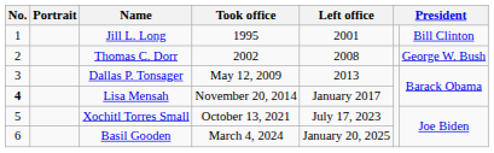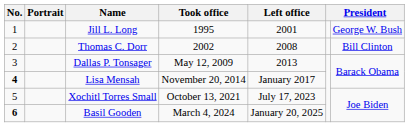 <table class="wikitable" style="clear: right; text-align:center">
 <tr>
 <th>No.</th>
 <th>Portrait</th>
 <th>Name</th>
 <th>Took office</th>
 <th>Left office</th>
 <th colspan=2><a href='#'>President</a><br></th>
 </tr>
 <tr>
 <td>1</td>
 <td></td>
 <td><a href='#'>Jill L. Long</a></td>
 <td>1995</td>
 <td>2001</td>
 <td style="background:"></td>
-<td><a href='#'>Bill Clinton</a></td>
+<td><a href='#'>George W. Bush</a></td>
 </tr>
 <tr>
 <td>2</td>
 <td></td>
 <td><a href='#'>Thomas C. Dorr</a></td>
 <td>2002</td>
 <td>2008</td>
 <td style="background:"></td>
-<td><a href='#'>George W. Bush</a></td>
+<td><a href='#'>Bill Clinton</a></td>
 </tr>
 <tr>
 <td>3</td>
 <td></td>
 <td><a href='#'>Dallas P. Tonsager</a></td>
 <td>May 12, 2009</td>
 <td>2013</td>
 <td rowspan=4 style="background:"></td>
 <td rowspan=2><a href='#'>Barack Obama</a></td>
 </tr>
 <tr>
 <td><strong>4</strong></td>
 <td></td>
 <td><a href='#'>Lisa Mensah</a></td>
 <td>November 20, 2014</td>
 <td>January 2017</td>
 </tr>
 <tr>
 <td>5</td>
 <td></td>
 <td><a href='#'>Xochitl Torres Small</a></td>
 <td>October 13, 2021</td>
 <td>July 17, 2023</td>
 <td rowspan=2><a href='#'>Joe Biden</a></td>
 </tr>
 <tr>
-<td>6</td>
+<td><strong>6</strong></td>
 <td></td>
 <td><a href='#'>Basil Gooden</a></td>
 <td>March 4, 2024</td>
 <td>January 20, 2025</td>
 </tr>
 </table>
